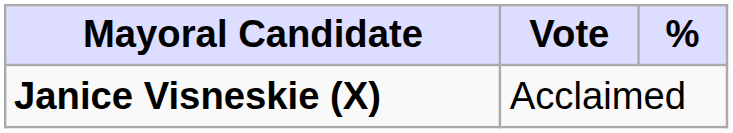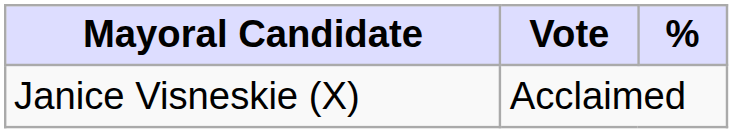 <table class="wikitable">
 <tr>
 <th style="background:#ddf; width:200px;">Mayoral Candidate </th>
 <th style="background:#ddf; width:50px;">Vote</th>
 <th style="background:#ddf; width:30px;">%</th>
 </tr>
 <tr>
-<td><strong>Janice Visneskie (X)</strong></td>
+<td>Janice Visneskie (X)</td>
 <td colspan="2">Acclaimed</td>
 </tr>
 </table>
